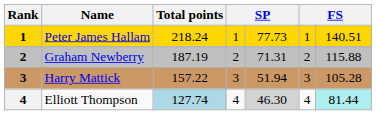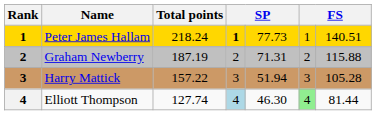 <table class="wikitable sortable">
 <tr>
 <th>Rank</th>
 <th>Name</th>
 <th>Total points</th>
 <th colspan="2" width="80px"><a href='#'>SP</a></th>
 <th colspan="2" width="80px"><a href='#'>FS</a></th>
 </tr>
 <tr bgcolor="gold">
 <td align="center"><strong>1</strong></td>
 <td><a href='#'>Peter James Hallam</a></td>
 <td align="center">218.24</td>
-<td align="center">1</td>
+<td align="center"><strong>1</strong></td>
 <td align="center">77.73</td>
 <td align="center">1</td>
 <td align="center">140.51</td>
 </tr>
 <tr bgcolor="silver">
 <td align="center"><strong>2</strong></td>
 <td><a href='#'>Graham Newberry</a></td>
 <td align="center">187.19</td>
 <td align="center">2</td>
 <td align="center">71.31</td>
 <td align="center">2</td>
 <td align="center">115.88</td>
 </tr>
 <tr bgcolor="cc9966">
 <td align="center"><strong>3</strong></td>
 <td><a href='#'>Harry Mattick</a></td>
 <td align="center">157.22</td>
 <td align="center">3</td>
 <td align="center">51.94</td>
 <td align="center">3</td>
 <td align="center">105.28</td>
 </tr>
 <tr>
 <th>4</th>
 <td>Elliott Thompson</td>
-<td align="center" style="background: lightblue;">127.74</td>
-<td align="center">4</td>
-<td align="center" style="background: lightgrey;">46.30</td>
-<td align="center">4</td>
-<td align="center" style="background: paleturquoise;">81.44</td>
+<td align="center">127.74</td>
+<td align="center" style="background: lightblue;">4</td>
+<td align="center">46.30</td>
+<td align="center" style="background: lightgreen;">4</td>
+<td align="center">81.44</td>
 </tr>
 </table>
